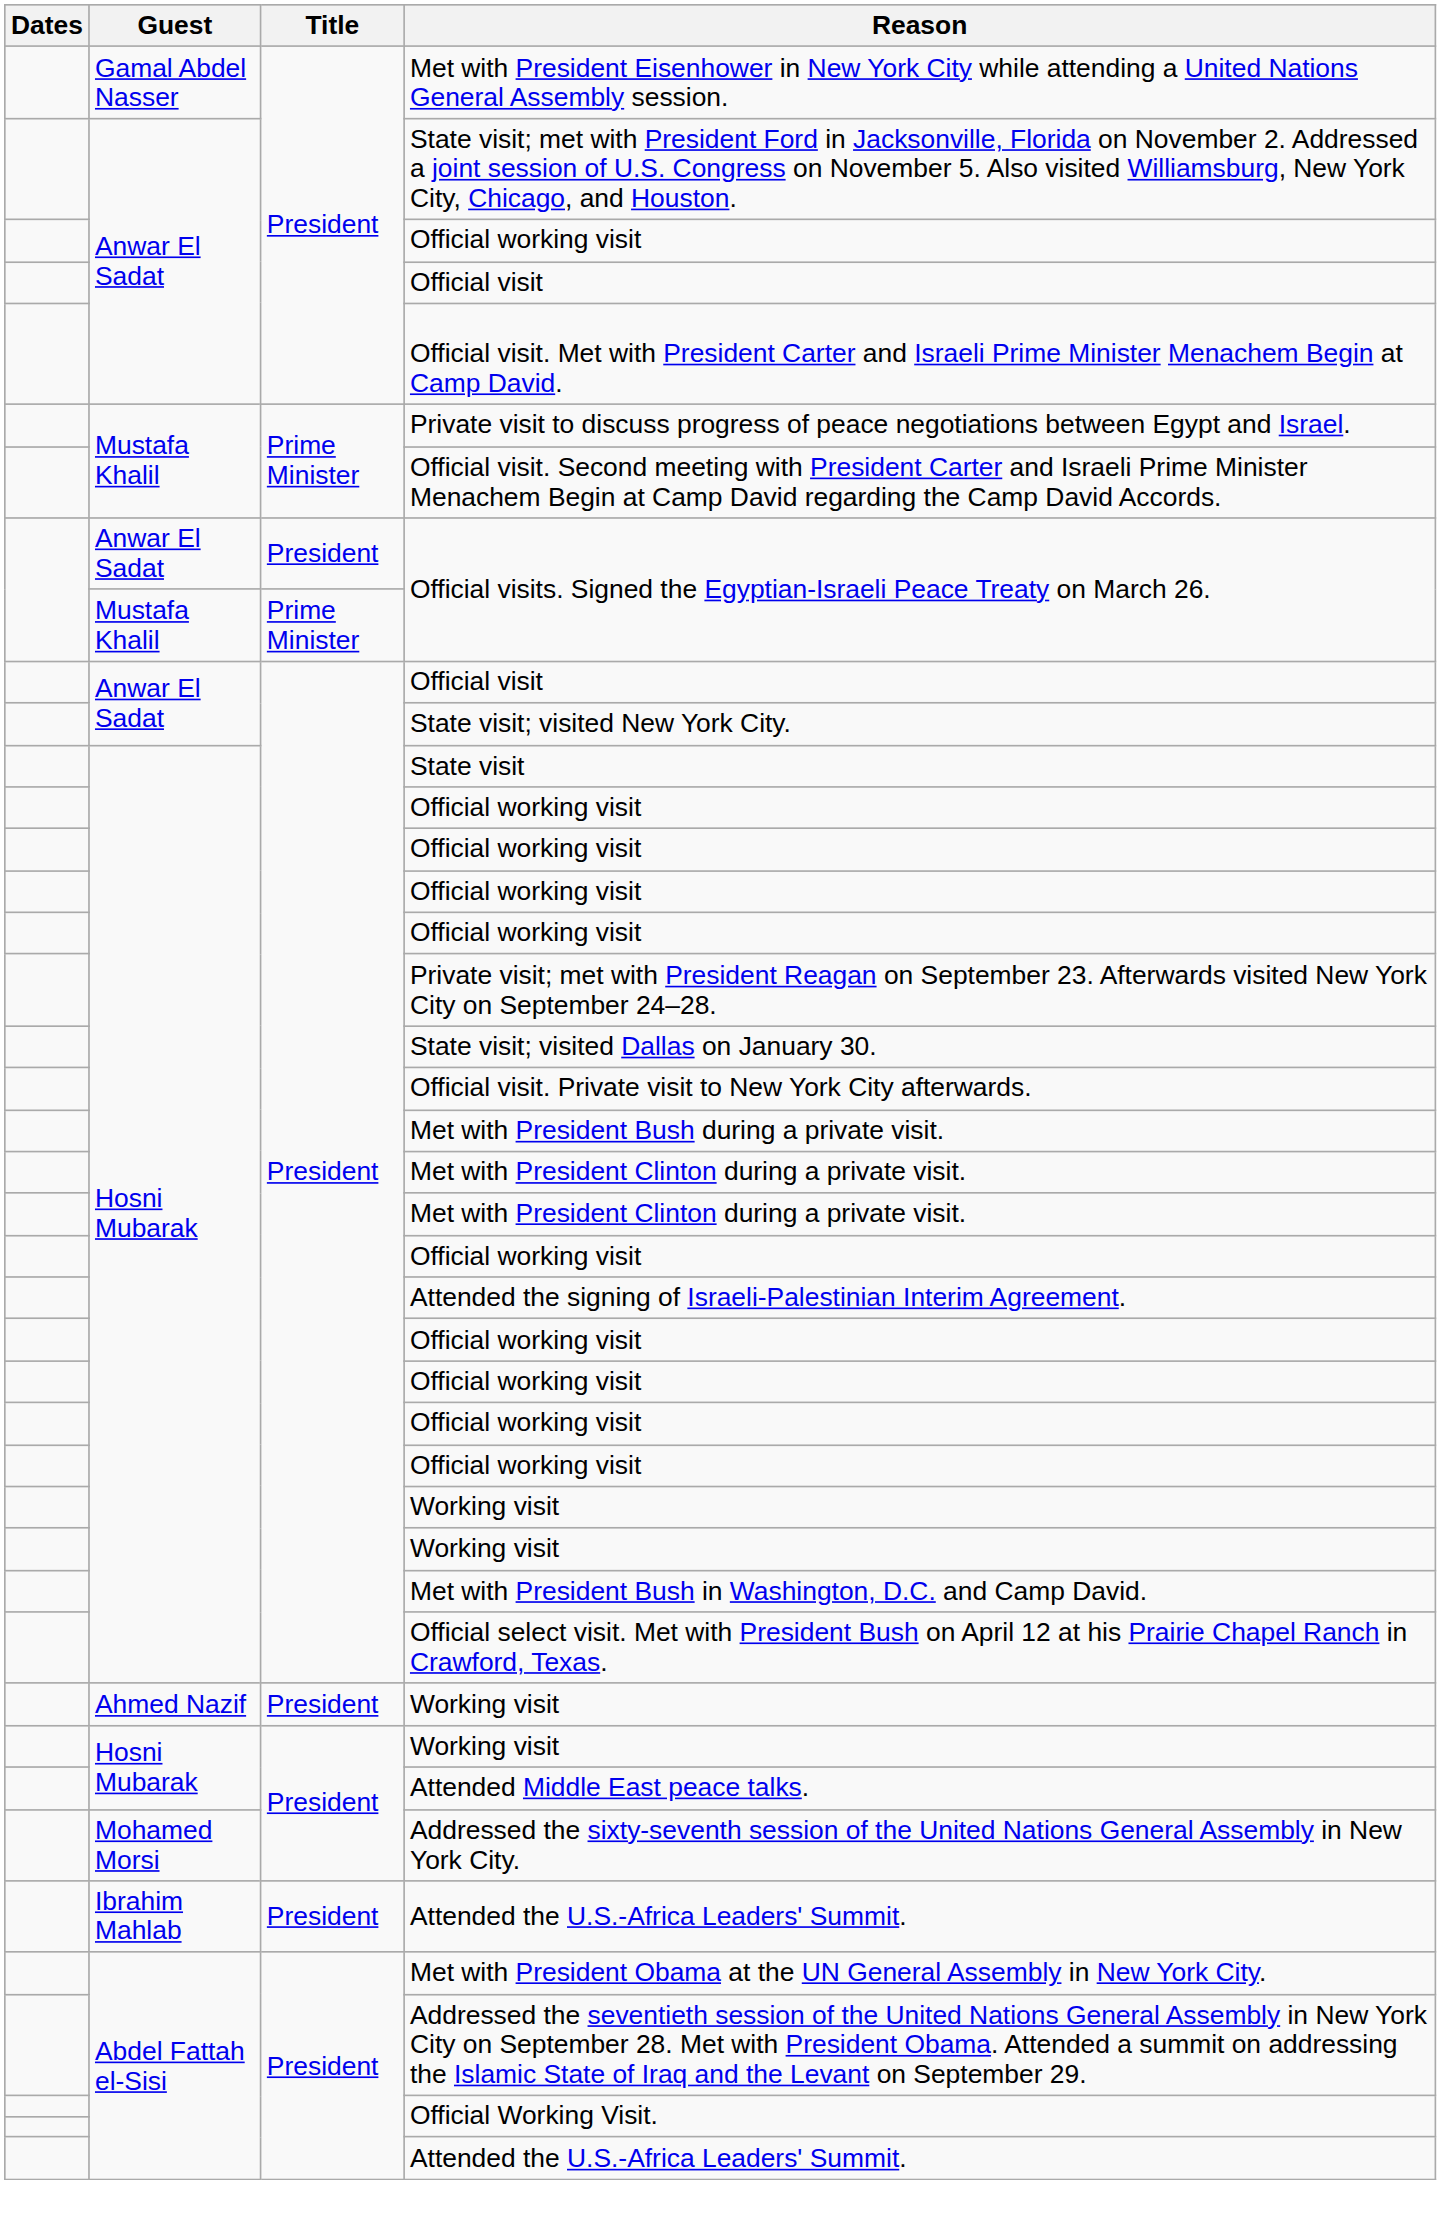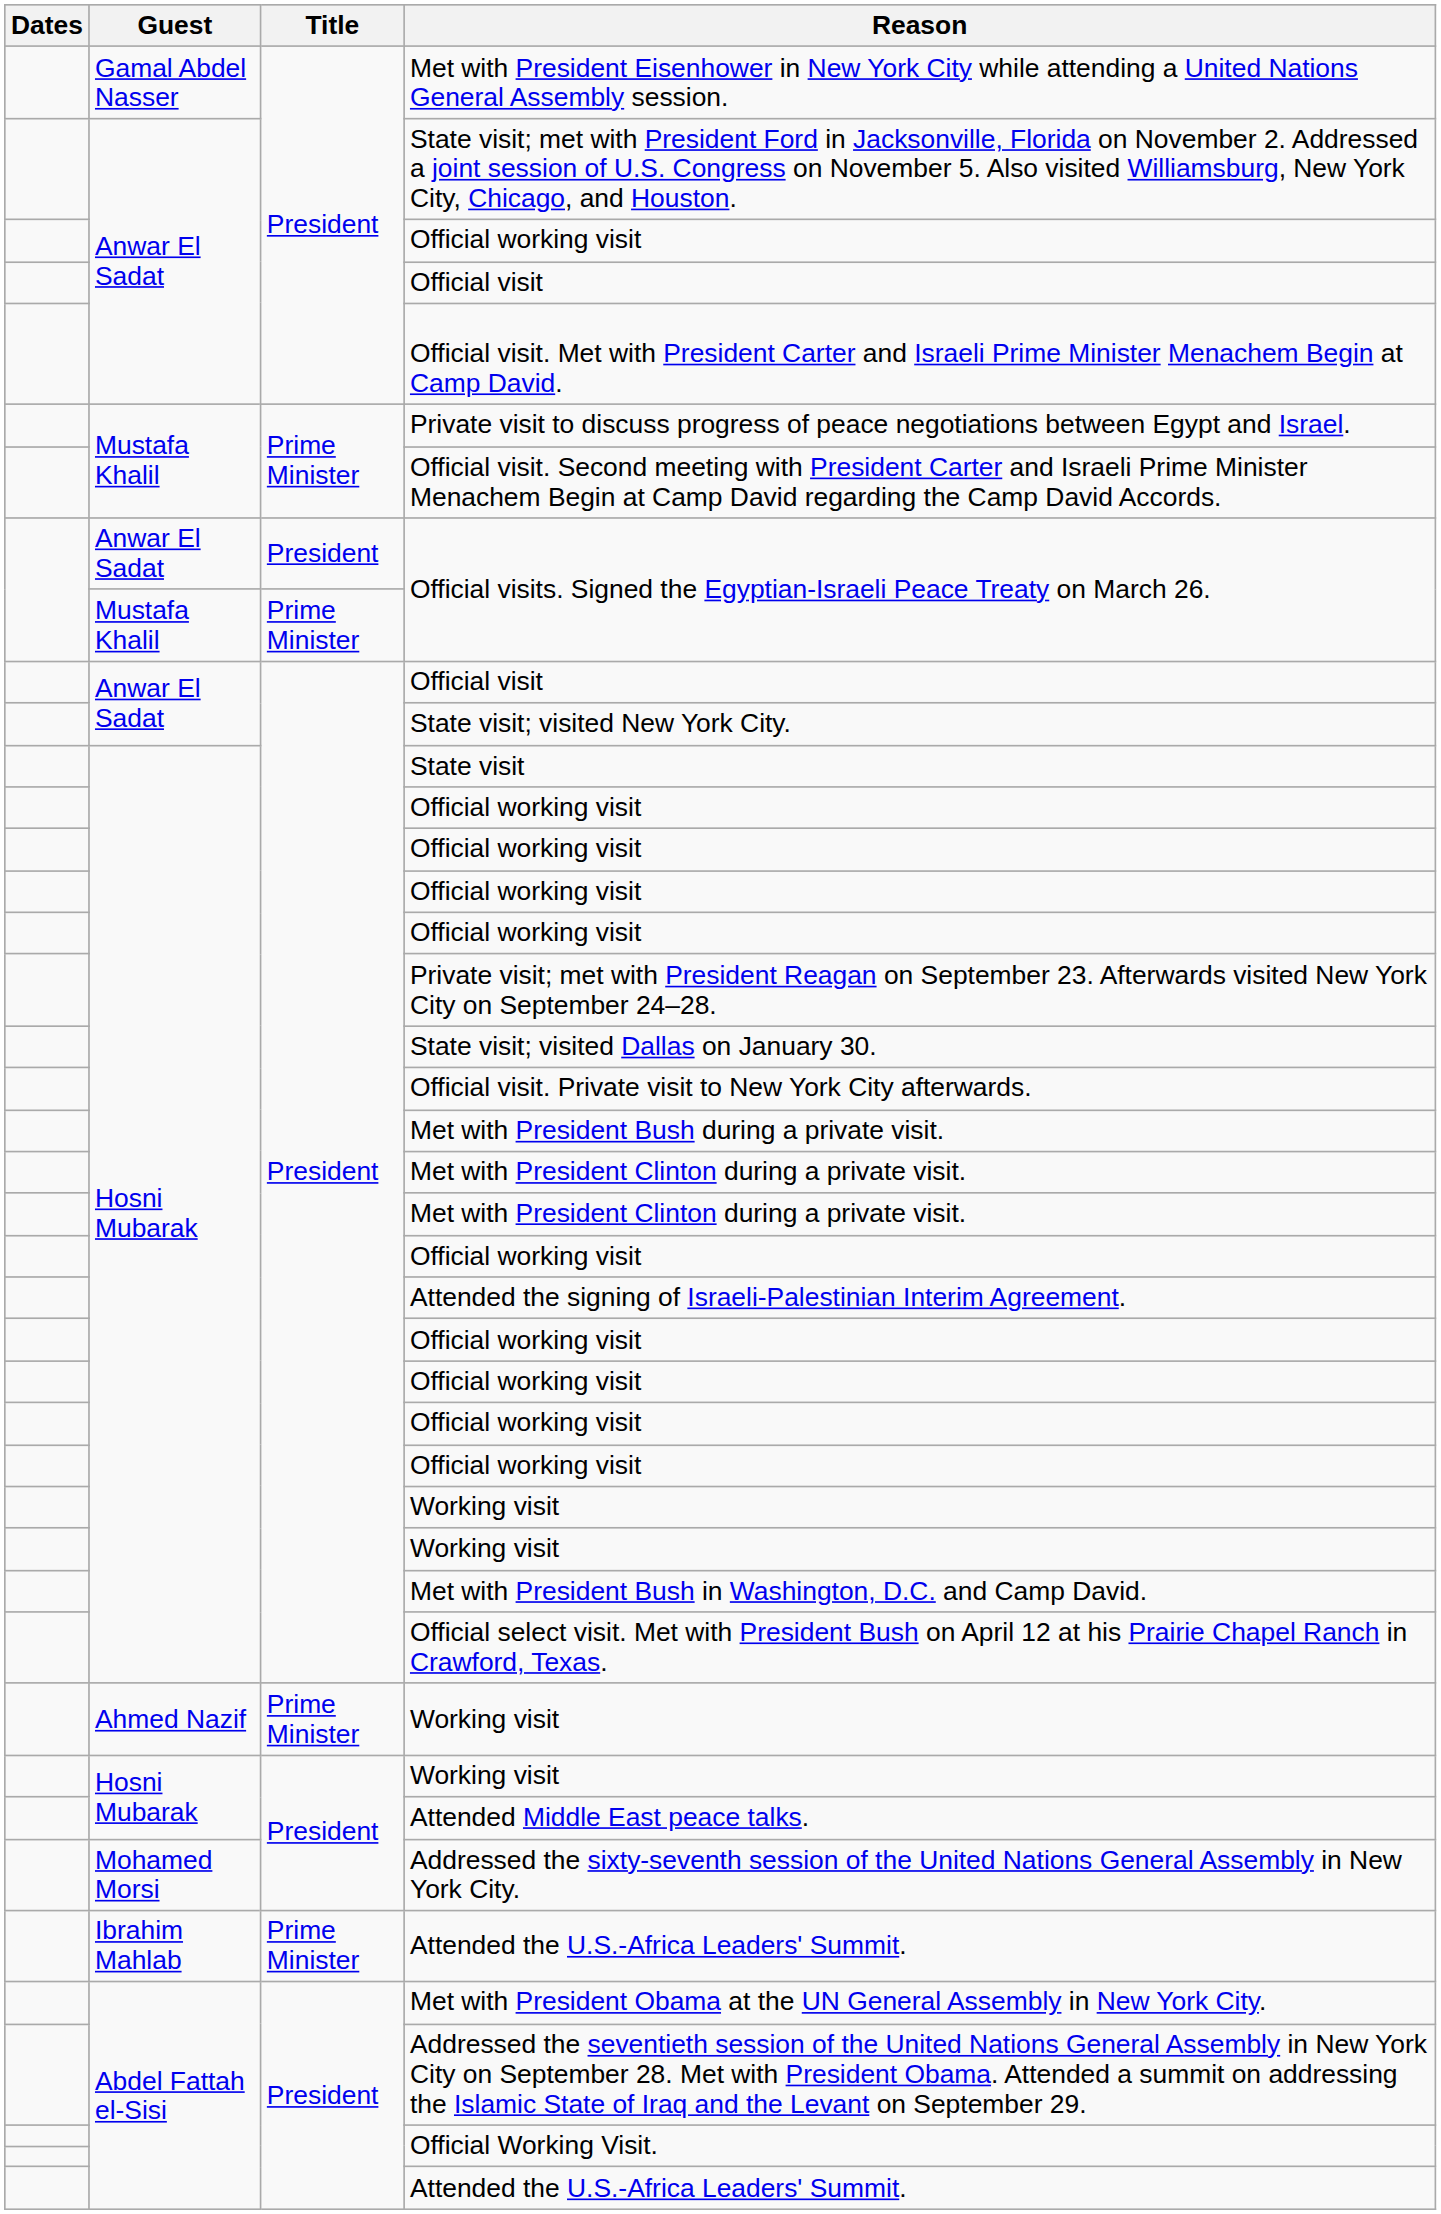 <table class="wikitable sortable">
 <tr>
 <th>Dates</th>
 <th>Guest</th>
 <th>Title</th>
 <th>Reason</th>
 </tr>
 <tr>
 <td></td>
 <td><a href='#'>Gamal Abdel Nasser</a></td>
 <td rowspan=5><a href='#'>President</a></td>
 <td>Met with <a href='#'>President Eisenhower</a> in <a href='#'>New York City</a> while attending a <a href='#'>United Nations General Assembly</a> session.</td>
 </tr>
 <tr>
 <td></td>
 <td rowspan=4><a href='#'>Anwar El Sadat</a></td>
 <td>State visit; met with <a href='#'>President Ford</a> in <a href='#'>Jacksonville, Florida</a> on November 2. Addressed a <a href='#'>joint session of U.S. Congress</a> on November 5. Also visited <a href='#'>Williamsburg</a>, New York City, <a href='#'>Chicago</a>, and <a href='#'>Houston</a>.</td>
 </tr>
 <tr>
 <td></td>
 <td>Official working visit</td>
 </tr>
 <tr>
 <td></td>
 <td>Official visit</td>
 </tr>
 <tr>
 <td></td>
 <td><br>Official visit. Met with <a href='#'>President Carter</a> and <a href='#'>Israeli Prime Minister</a> <a href='#'>Menachem Begin</a> at <a href='#'>Camp David</a>.</td>
 </tr>
 <tr>
 <td></td>
 <td rowspan=2><a href='#'>Mustafa Khalil</a></td>
 <td rowspan=2><a href='#'>Prime Minister</a></td>
 <td>Private visit to discuss progress of peace negotiations between Egypt and <a href='#'>Israel</a>.</td>
 </tr>
 <tr>
 <td></td>
 <td>Official visit. Second meeting with <a href='#'>President Carter</a> and Israeli Prime Minister Menachem Begin at Camp David regarding the Camp David Accords.</td>
 </tr>
 <tr>
 <td rowspan=2></td>
 <td><a href='#'>Anwar El Sadat</a></td>
 <td><a href='#'>President</a></td>
 <td rowspan=2>Official visits. Signed the <a href='#'>Egyptian-Israeli Peace Treaty</a> on March 26.</td>
 </tr>
 <tr>
 <td><a href='#'>Mustafa Khalil</a></td>
 <td><a href='#'>Prime Minister</a></td>
 </tr>
 <tr>
 <td></td>
 <td rowspan=2><a href='#'>Anwar El Sadat</a></td>
 <td rowspan=23><a href='#'>President</a></td>
 <td>Official visit</td>
 </tr>
 <tr>
 <td></td>
 <td>State visit; visited New York City.</td>
 </tr>
 <tr>
 <td></td>
 <td rowspan=21><a href='#'>Hosni Mubarak</a></td>
 <td>State visit</td>
 </tr>
 <tr>
 <td></td>
 <td>Official working visit</td>
 </tr>
 <tr>
 <td></td>
 <td>Official working visit</td>
 </tr>
 <tr>
 <td></td>
 <td>Official working visit</td>
 </tr>
 <tr>
 <td></td>
 <td>Official working visit</td>
 </tr>
 <tr>
 <td></td>
 <td>Private visit; met with <a href='#'>President Reagan</a> on September 23. Afterwards visited New York City on September 24–28.</td>
 </tr>
 <tr>
 <td></td>
 <td>State visit; visited <a href='#'>Dallas</a> on January 30.</td>
 </tr>
 <tr>
 <td></td>
 <td>Official visit. Private visit to New York City afterwards.</td>
 </tr>
 <tr>
 <td></td>
 <td>Met with <a href='#'>President Bush</a> during a private visit.</td>
 </tr>
 <tr>
 <td></td>
 <td>Met with <a href='#'>President Clinton</a> during a private visit.</td>
 </tr>
 <tr>
 <td></td>
 <td>Met with <a href='#'>President Clinton</a> during a private visit.</td>
 </tr>
 <tr>
 <td></td>
 <td>Official working visit</td>
 </tr>
 <tr>
 <td></td>
 <td>Attended the signing of <a href='#'>Israeli-Palestinian Interim Agreement</a>.</td>
 </tr>
 <tr>
 <td></td>
 <td>Official working visit</td>
 </tr>
 <tr>
 <td></td>
 <td>Official working visit</td>
 </tr>
 <tr>
 <td></td>
 <td>Official working visit</td>
 </tr>
 <tr>
 <td></td>
 <td>Official working visit</td>
 </tr>
 <tr>
 <td></td>
 <td>Working visit</td>
 </tr>
 <tr>
 <td></td>
 <td>Working visit</td>
 </tr>
 <tr>
 <td></td>
 <td>Met with <a href='#'>President Bush</a> in <a href='#'>Washington, D.C.</a> and Camp David.</td>
 </tr>
 <tr>
 <td></td>
 <td>Official select visit. Met with <a href='#'>President Bush</a> on April 12 at his <a href='#'>Prairie Chapel Ranch</a> in <a href='#'>Crawford, Texas</a>.</td>
 </tr>
 <tr>
 <td></td>
 <td><a href='#'>Ahmed Nazif</a></td>
-<td><a href='#'>President</a></td>
+<td><a href='#'>Prime Minister</a></td>
 <td>Working visit</td>
 </tr>
 <tr>
 <td></td>
 <td rowspan=2><a href='#'>Hosni Mubarak</a></td>
 <td rowspan=3><a href='#'>President</a></td>
 <td>Working visit</td>
 </tr>
 <tr>
 <td></td>
 <td>Attended <a href='#'>Middle East peace talks</a>.</td>
 </tr>
 <tr>
 <td></td>
 <td><a href='#'>Mohamed Morsi</a></td>
 <td>Addressed the <a href='#'>sixty-seventh session of the United Nations General Assembly</a> in New York City.</td>
 </tr>
 <tr>
 <td></td>
 <td><a href='#'>Ibrahim Mahlab</a></td>
-<td><a href='#'>President</a></td>
+<td><a href='#'>Prime Minister</a></td>
 <td>Attended the <a href='#'>U.S.-Africa Leaders' Summit</a>.</td>
 </tr>
 <tr>
 <td></td>
 <td rowspan=5><a href='#'>Abdel Fattah el-Sisi</a></td>
 <td rowspan=5><a href='#'>President</a></td>
 <td>Met with <a href='#'>President Obama</a> at the <a href='#'>UN General Assembly</a> in <a href='#'>New York City</a>.</td>
 </tr>
 <tr>
 <td></td>
 <td>Addressed the <a href='#'>seventieth session of the United Nations General Assembly</a> in New York City on September 28. Met with <a href='#'>President Obama</a>. Attended a summit on addressing the <a href='#'>Islamic State of Iraq and the Levant</a> on September 29.</td>
 </tr>
 <tr>
 <td></td>
 <td rowspan=2>Official Working Visit.</td>
 </tr>
 <tr>
 <td></td>
 </tr>
 <tr>
 <td></td>
 <td>Attended the <a href='#'>U.S.-Africa Leaders' Summit</a>.</td>
 </tr>
 </table>
